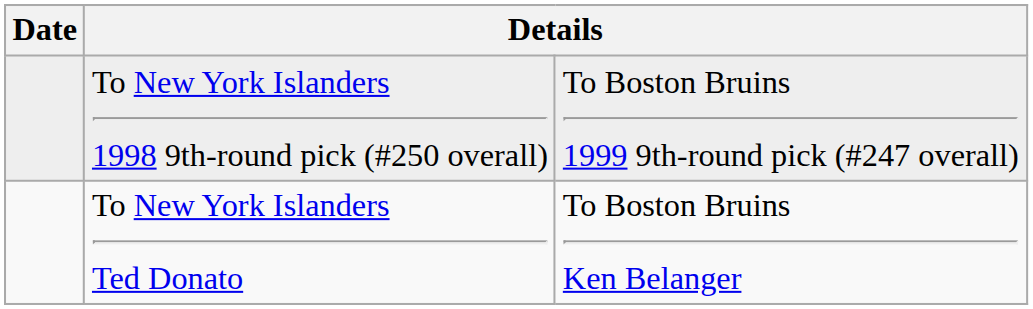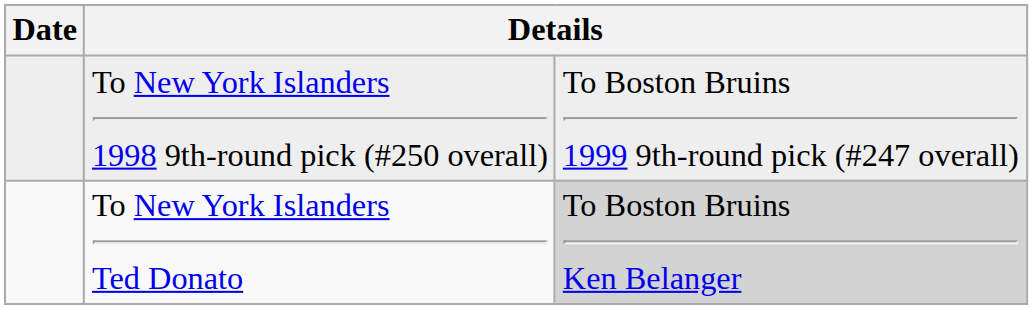 <table class="wikitable">
 <tr>
 <th>Date</th>
 <th colspan="2">Details</th>
 </tr>
 <tr style="background:#eee;">
 <td></td>
 <td valign="top">To <a href='#'>New York Islanders</a><hr><a href='#'>1998</a> 9th-round pick (#250 overall)</td>
 <td valign="top">To Boston Bruins<hr><a href='#'>1999</a> 9th-round pick (#247 overall)</td>
 </tr>
 <tr>
 <td></td>
 <td valign="top">To <a href='#'>New York Islanders</a><hr><a href='#'>Ted Donato</a></td>
-<td valign="top">To Boston Bruins<hr><a href='#'>Ken Belanger</a></td>
+<td valign="top" style="background: lightgrey;">To Boston Bruins<hr><a href='#'>Ken Belanger</a></td>
 </tr>
 </table>
